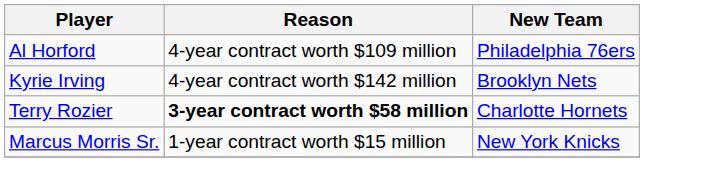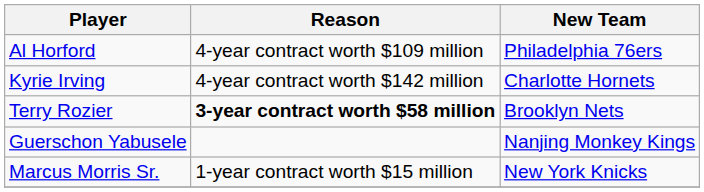 <table class="wikitable sortable sortable">
 <tr>
 <th>Player</th>
 <th>Reason</th>
 <th>New Team</th>
 </tr>
 <tr>
 <td><a href='#'>Al Horford</a></td>
 <td>4-year contract worth $109 million</td>
 <td><a href='#'>Philadelphia 76ers</a></td>
 </tr>
 <tr>
 <td><a href='#'>Kyrie Irving</a></td>
 <td>4-year contract worth $142 million</td>
-<td><a href='#'>Brooklyn Nets</a></td>
+<td><a href='#'>Charlotte Hornets</a></td>
 </tr>
 <tr>
 <td><a href='#'>Terry Rozier</a></td>
 <td><strong>3-year contract worth $58 million</strong></td>
-<td><a href='#'>Charlotte Hornets</a></td>
+<td><a href='#'>Brooklyn Nets</a></td>
+</tr>
+<tr>
+<td><a href='#'>Guerschon Yabusele</a></td>
+<td></td>
+<td><a href='#'>Nanjing Monkey Kings</a></td>
 </tr>
 <tr>
 <td><a href='#'>Marcus Morris Sr.</a></td>
 <td>1-year contract worth $15 million</td>
 <td><a href='#'>New York Knicks</a></td>
 </tr>
 <tr>
 </tr>
 </table>
